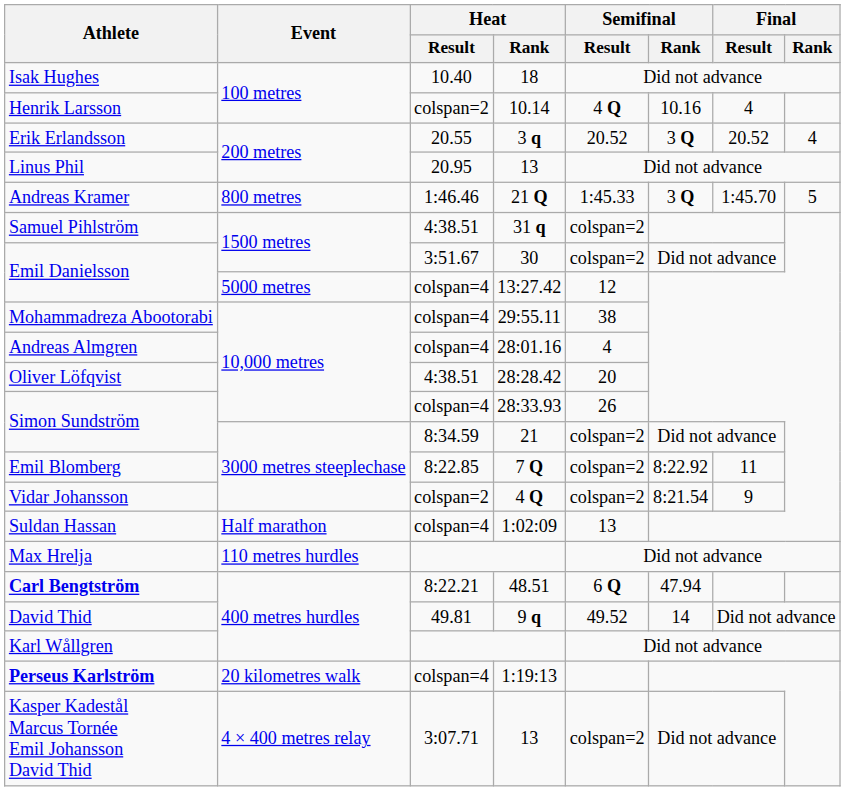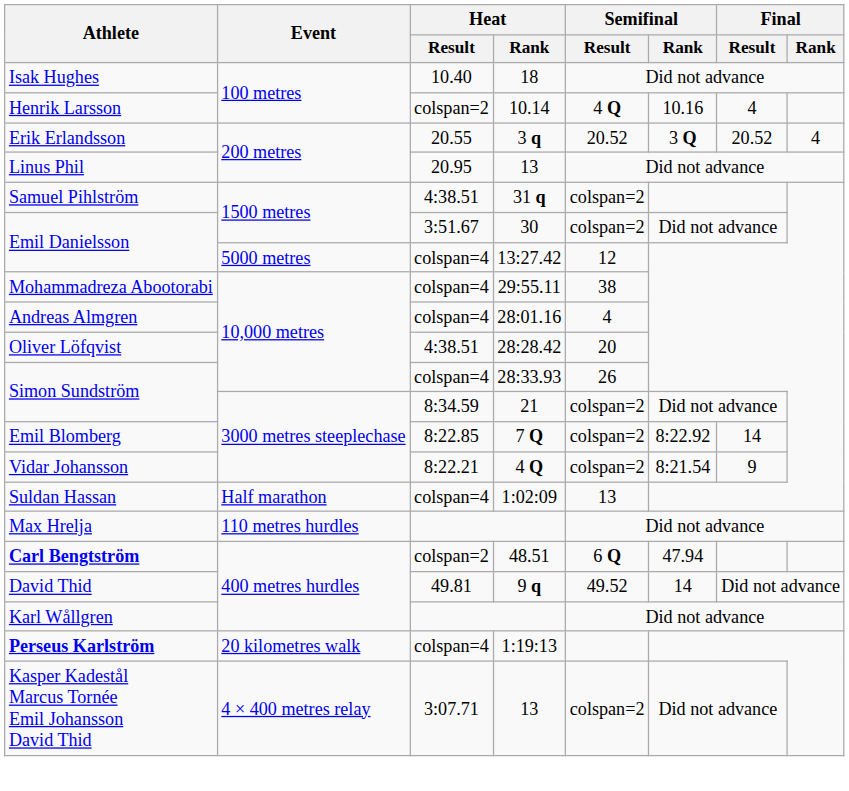 <table class=wikitable style=font-size:90%>
 <tr>
 <th rowspan=2>Athlete</th>
 <th rowspan=2>Event</th>
 <th colspan=2>Heat</th>
 <th colspan=2>Semifinal</th>
 <th colspan=2>Final</th>
 </tr>
 <tr style=font-size:95%>
 <th>Result</th>
 <th>Rank</th>
 <th>Result</th>
 <th>Rank</th>
 <th>Result</th>
 <th>Rank</th>
 </tr>
 <tr align=center>
 <td align=left><a href='#'>Isak Hughes</a></td>
 <td align=left rowspan=2><a href='#'>100 metres</a></td>
 <td>10.40 </td>
 <td>18</td>
 <td colspan=4>Did not advance</td>
 </tr>
 <tr align=center>
 <td align=left><a href='#'>Henrik Larsson</a></td>
 <td>colspan=2 </td>
 <td>10.14</td>
 <td>4 <strong>Q</strong></td>
 <td>10.16</td>
 <td>4</td>
 </tr>
 <tr align=center>
 <td align=left><a href='#'>Erik Erlandsson</a></td>
 <td align=left rowspan=2><a href='#'>200 metres</a></td>
 <td>20.55 </td>
 <td>3 <strong>q</strong></td>
 <td>20.52  </td>
 <td>3 <strong>Q</strong></td>
 <td>20.52</td>
 <td>4</td>
 </tr>
 <tr align=center>
 <td align=left><a href='#'>Linus Phil</a></td>
 <td>20.95</td>
 <td>13</td>
 <td colspan=4>Did not advance</td>
-</tr>
-<tr align=center>
-<td align=left><a href='#'>Andreas Kramer</a></td>
-<td align=left><a href='#'>800 metres</a></td>
-<td>1:46.46</td>
-<td>21 <strong>Q</strong></td>
-<td>1:45.33</td>
-<td>3 <strong>Q</strong></td>
-<td>1:45.70</td>
-<td>5</td>
 </tr>
 <tr align=center>
 <td align=left><a href='#'>Samuel Pihlström</a></td>
 <td align=left rowspan=2><a href='#'>1500 metres</a></td>
 <td>4:38.51</td>
 <td>31 <strong>q</strong></td>
 <td>colspan=2</td>
 <td colspan=2></td>
 </tr>
 <tr align=center>
 <td align=left rowspan=2><a href='#'>Emil Danielsson</a></td>
 <td>3:51.67</td>
 <td>30</td>
 <td>colspan=2</td>
 <td colspan=2>Did not advance</td>
 </tr>
 <tr align=center>
 <td align=left><a href='#'>5000 metres</a></td>
 <td>colspan=4</td>
 <td>13:27.42  </td>
 <td>12</td>
 </tr>
 <tr align=center>
 <td align=left><a href='#'>Mohammadreza Abootorabi</a></td>
 <td align=left rowspan=4><a href='#'>10,000 metres</a></td>
 <td>colspan=4</td>
 <td>29:55.11 </td>
 <td>38</td>
 </tr>
 <tr align=center>
 <td align=left><a href='#'>Andreas Almgren</a></td>
 <td>colspan=4</td>
 <td>28:01.16</td>
 <td>4</td>
 </tr>
 <tr align=center>
 <td align=left><a href='#'>Oliver Löfqvist</a></td>
 <td>4:38.51</td>
 <td>28:28.42</td>
 <td>20</td>
 </tr>
 <tr align=center>
 <td align=left rowspan=2><a href='#'>Simon Sundström</a></td>
 <td>colspan=4</td>
 <td>28:33.93</td>
 <td>26</td>
 </tr>
 <tr align=center>
 <td align=left rowspan=3><a href='#'>3000 metres steeplechase</a></td>
 <td>8:34.59</td>
 <td>21</td>
 <td>colspan=2</td>
 <td colspan=2>Did not advance</td>
 </tr>
 <tr align=center>
 <td align=left><a href='#'>Emil Blomberg</a></td>
 <td>8:22.85</td>
 <td>7 <strong>Q</strong></td>
 <td>colspan=2</td>
 <td>8:22.92</td>
-<td>11</td>
+<td>14</td>
 </tr>
 <tr align=center>
 <td align=left><a href='#'>Vidar Johansson</a></td>
-<td>colspan=2 </td>
+<td>8:22.21</td>
 <td>4 <strong>Q</strong></td>
 <td>colspan=2</td>
 <td>8:21.54</td>
 <td>9</td>
 </tr>
 <tr align=center>
 <td align=left><a href='#'>Suldan Hassan</a></td>
 <td align=left><a href='#'>Half marathon</a></td>
 <td>colspan=4</td>
 <td>1:02:09 </td>
 <td>13</td>
 </tr>
 <tr align=center>
 <td align=left><a href='#'>Max Hrelja</a></td>
 <td align=left><a href='#'>110 metres hurdles</a></td>
 <td colspan=2></td>
 <td colspan=4>Did not advance</td>
 </tr>
 <tr align=center>
 <td align=left><strong><a href='#'>Carl Bengtström</a></strong></td>
 <td align=left rowspan=3><a href='#'>400 metres hurdles</a></td>
-<td>8:22.21</td>
+<td>colspan=2 </td>
 <td>48.51</td>
 <td>6 <strong>Q</strong></td>
 <td>47.94 </td>
 <td></td>
 </tr>
 <tr align=center>
 <td align=left><a href='#'>David Thid</a></td>
 <td>49.81 </td>
 <td>9 <strong>q</strong></td>
 <td>49.52 </td>
 <td>14</td>
 <td colspan=2>Did not advance</td>
 </tr>
 <tr align=center>
 <td align=left><a href='#'>Karl Wållgren</a></td>
 <td colspan=2></td>
 <td colspan=4>Did not advance</td>
 </tr>
 <tr align=center>
 <td align=left><strong><a href='#'>Perseus Karlström</a></strong></td>
 <td align=left><a href='#'>20 kilometres walk</a></td>
 <td>colspan=4</td>
 <td>1:19:13</td>
 <td></td>
 </tr>
 <tr align=center>
 <td align=left><a href='#'>Kasper Kadestål</a><br><a href='#'>Marcus Tornée</a><br><a href='#'>Emil Johansson</a><br><a href='#'>David Thid</a></td>
 <td align=left><a href='#'>4 × 400 metres relay</a></td>
 <td>3:07.71 </td>
 <td>13</td>
 <td>colspan=2</td>
 <td colspan=2>Did not advance</td>
 </tr>
 </table>
